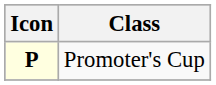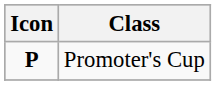 <table class="wikitable" style="font-size: 85%">
 <tr>
 <th>Icon</th>
 <th>Class</th>
 </tr>
 <tr>
-<td align=center style="background: lightyellow;"><strong><span>P</span></strong></td>
+<td align=center><strong><span>P</span></strong></td>
 <td>Promoter's Cup</td>
 </tr>
 </table>
